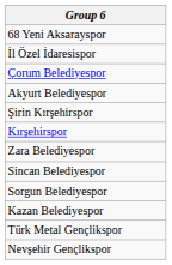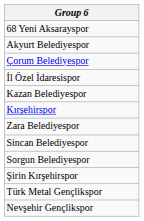 <table class="wikitable collapsible collapsed" style="font-size:95%;">
 <tr>
 <th colspan="1" width="200"><em>Group 6</em></th>
 </tr>
 <tr>
 <td>68 Yeni Aksarayspor</td>
 </tr>
 <tr>
-<td>İl Özel İdaresispor</td>
+<td>Akyurt Belediyespor</td>
 </tr>
 <tr>
 <td><a href='#'>Çorum Belediyespor</a></td>
 </tr>
 <tr>
-<td>Akyurt Belediyespor</td>
+<td>İl Özel İdaresispor</td>
 </tr>
 <tr>
-<td>Şirin Kırşehirspor</td>
+<td>Kazan Belediyespor</td>
 </tr>
 <tr>
 <td><a href='#'>Kırşehirspor</a></td>
 </tr>
 <tr>
 <td>Zara Belediyespor</td>
 </tr>
 <tr>
 <td>Sincan Belediyespor</td>
 </tr>
 <tr>
 <td>Sorgun Belediyespor</td>
 </tr>
 <tr>
-<td>Kazan Belediyespor</td>
+<td>Şirin Kırşehirspor</td>
 </tr>
 <tr>
 <td>Türk Metal Gençlikspor</td>
 </tr>
 <tr>
 <td>Nevşehir Gençlikspor</td>
 </tr>
 </table>
